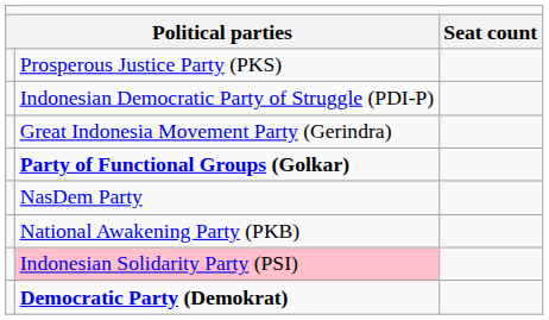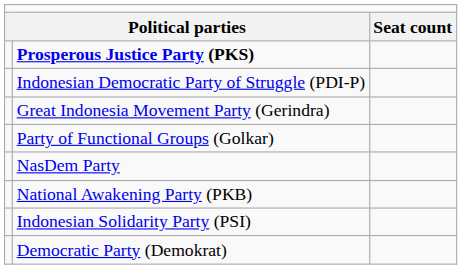 <table class="wikitable">
 <tr>
 <td colspan="4"></td>
 </tr>
 <tr>
 <th colspan="2">Political parties</th>
 <th>Seat count</th>
 </tr>
 <tr>
 <td bgcolor=></td>
-<td><a href='#'>Prosperous Justice Party</a> (PKS)</td>
+<td><strong><a href='#'>Prosperous Justice Party</a> (PKS)</strong></td>
 <td></td>
 </tr>
 <tr>
 <td bgcolor=></td>
 <td><a href='#'>Indonesian Democratic Party of Struggle</a> (PDI-P)</td>
 <td></td>
 </tr>
 <tr>
 <td bgcolor=></td>
 <td><a href='#'>Great Indonesia Movement Party</a> (Gerindra)</td>
 <td></td>
 </tr>
 <tr>
 <td bgcolor=></td>
-<td><strong><a href='#'>Party of Functional Groups</a> (Golkar)</strong></td>
+<td><a href='#'>Party of Functional Groups</a> (Golkar)</td>
 <td></td>
 </tr>
 <tr>
 <td bgcolor=></td>
 <td><a href='#'>NasDem Party</a></td>
 <td></td>
 </tr>
 <tr>
 <td bgcolor=></td>
 <td><a href='#'>National Awakening Party</a> (PKB)</td>
 <td></td>
 </tr>
 <tr>
 <td bgcolor=></td>
-<td style="background: pink;"><a href='#'>Indonesian Solidarity Party</a> (PSI)</td>
+<td><a href='#'>Indonesian Solidarity Party</a> (PSI)</td>
 <td></td>
 </tr>
 <tr>
 <td bgcolor=></td>
-<td><strong><a href='#'>Democratic Party</a> (Demokrat)</strong></td>
+<td><a href='#'>Democratic Party</a> (Demokrat)</td>
 <td></td>
 </tr>
 </table>
